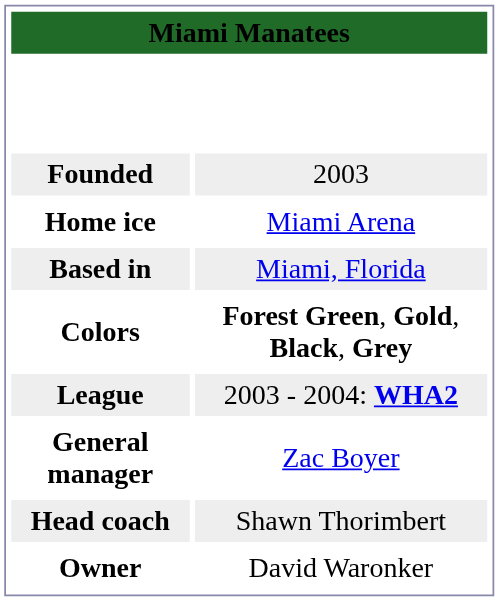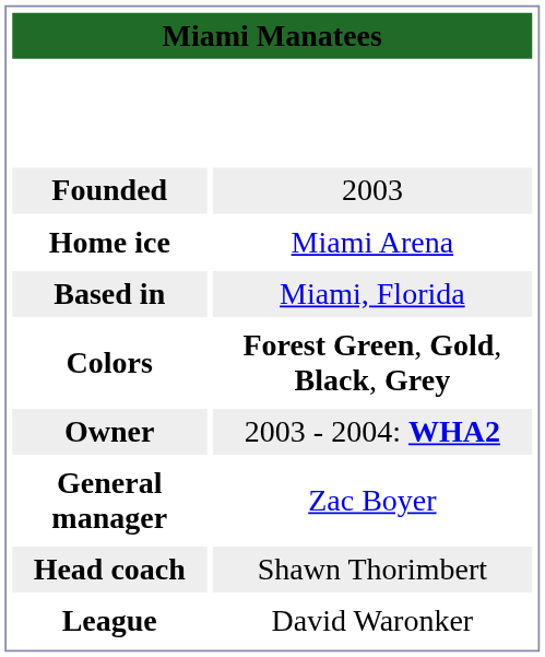 <table style="margin:5px; border:1px solid #8888AA;" align=right cellpadding=3 cellspacing=3 width=280>
 <tr align="center" bgcolor="#216B29">
 <td colspan=2><span><strong>Miami Manatees</strong></span></td>
 </tr>
 <tr align="center">
 <td colspan=2>  </td>
 </tr>
 <tr align="center">
 <td colspan=2> </td>
 </tr>
 <tr align="center" bgcolor="#eeeeee">
 <td><strong>Founded</strong></td>
 <td>2003</td>
 </tr>
 <tr align="center">
 <td><strong>Home ice</strong></td>
 <td><a href='#'>Miami Arena</a></td>
 </tr>
 <tr align="center" bgcolor="#eeeeee">
 <td><strong>Based in</strong></td>
 <td><a href='#'>Miami, Florida</a></td>
 </tr>
 <tr align="center">
 <td><strong>Colors</strong></td>
 <td><span><strong>Forest Green</strong></span>, <span><strong>Gold</strong></span>, <strong>Black</strong>, <span><strong>Grey</strong></span></td>
 </tr>
 <tr align="center" bgcolor="#eeeeee">
-<td><strong>League</strong></td>
+<td><strong>Owner</strong></td>
 <td>2003 - 2004: <strong><a href='#'>WHA2</a></strong></td>
 </tr>
 <tr align="center">
 <td><strong>General manager</strong></td>
 <td><a href='#'>Zac Boyer</a></td>
 </tr>
 <tr align="center" bgcolor="#eeeeee">
 <td><strong>Head coach</strong></td>
 <td>Shawn Thorimbert</td>
 </tr>
 <tr align="center">
-<td><strong>Owner</strong></td>
+<td><strong>League</strong></td>
 <td>David Waronker</td>
 </tr>
 </table>
